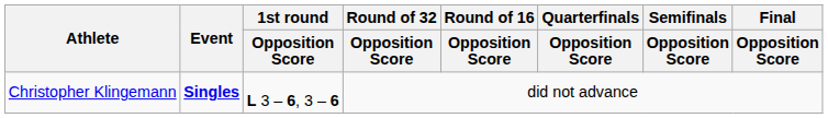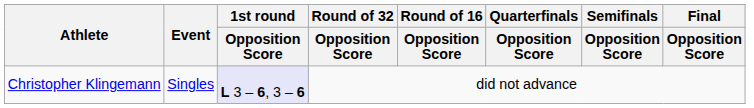 <table class="wikitable" border="1" style="font-size:90%">
 <tr>
 <th rowspan=2>Athlete</th>
 <th rowspan=2>Event</th>
 <th>1st round</th>
 <th>Round of 32</th>
 <th>Round of 16</th>
 <th>Quarterfinals</th>
 <th>Semifinals</th>
 <th>Final</th>
 </tr>
 <tr>
 <th>Opposition<br>Score</th>
 <th>Opposition<br>Score</th>
 <th>Opposition<br>Score</th>
 <th>Opposition<br>Score</th>
 <th>Opposition<br>Score</th>
 <th>Opposition<br>Score</th>
 </tr>
 <tr>
 <td><a href='#'>Christopher Klingemann</a></td>
-<td><strong><a href='#'>Singles</a></strong></td>
-<td align=center><br><strong>L</strong> 3 – <strong>6</strong>, 3 – <strong>6</strong></td>
+<td><a href='#'>Singles</a></td>
+<td align=center style="background: lavender;"><br><strong>L</strong> 3 – <strong>6</strong>, 3 – <strong>6</strong></td>
 <td align="center" colspan="7">did not advance</td>
 </tr>
 </table>
